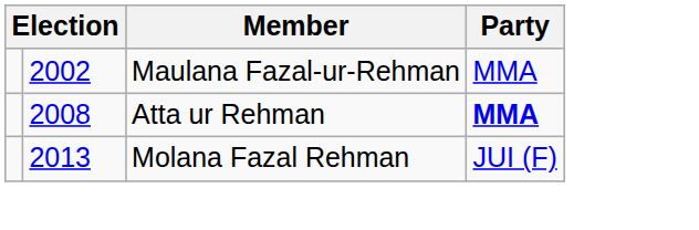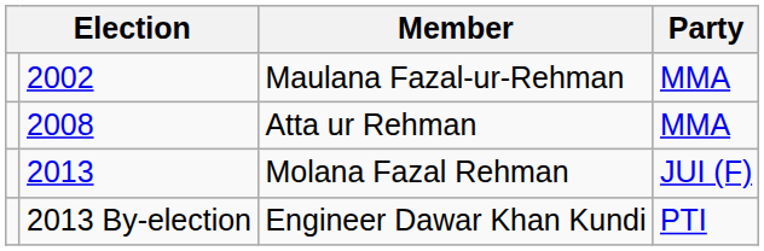 <table class="wikitable">
 <tr>
 <th colspan="2">Election</th>
 <th>Member</th>
 <th>Party</th>
 </tr>
 <tr>
 <td style="background-color: "></td>
 <td><a href='#'>2002</a></td>
 <td>Maulana Fazal-ur-Rehman</td>
 <td><a href='#'>MMA</a></td>
 </tr>
 <tr>
 <td style="background-color: "></td>
 <td><a href='#'>2008</a></td>
 <td>Atta ur Rehman</td>
-<td><strong><a href='#'>MMA</a></strong></td>
+<td><a href='#'>MMA</a></td>
 </tr>
 <tr>
 <td style="background-color: "></td>
 <td><a href='#'>2013</a></td>
 <td>Molana Fazal Rehman</td>
 <td><a href='#'>JUI (F)</a></td>
 </tr>
+<tr>
+<td style="background-color: "></td>
+<td>2013 By-election</td>
+<td>Engineer Dawar Khan Kundi</td>
+<td><a href='#'>PTI</a></td>
+</tr>
 </table>
